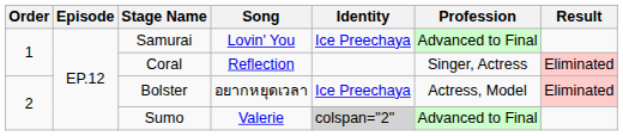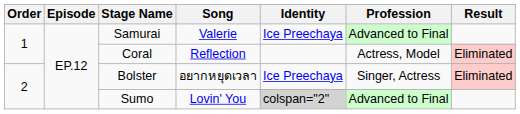 <table class="wikitable">
 <tr>
 <th>Order</th>
 <th>Episode</th>
 <th>Stage Name</th>
 <th>Song</th>
 <th>Identity</th>
 <th>Profession</th>
 <th>Result</th>
 </tr>
 <tr>
 <td rowspan="2" align="center">1</td>
 <td rowspan="4" align="center">EP.12</td>
 <td align="center">Samurai</td>
-<td align="center"><a href='#'>Lovin' You</a></td>
+<td align="center"><a href='#'>Valerie</a></td>
 <td align="center"><a href='#'>Ice Preechaya</a></td>
 <td style="text-align:center; background:#ccffcc;">Advanced to Final</td>
 </tr>
 <tr>
 <td align="center">Coral</td>
 <td align="center"><a href='#'>Reflection</a></td>
 <td align="center"></td>
-<td align="center">Singer, Actress</td>
+<td align="center">Actress, Model</td>
 <td style="text-align:center; background:#ffcccc;">Eliminated</td>
 </tr>
 <tr>
 <td rowspan="2" align="center">2</td>
 <td align="center">Bolster</td>
 <td align="center">อยากหยุดเวลา</td>
 <td align="center"><a href='#'>Ice Preechaya</a></td>
-<td align="center">Actress, Model</td>
+<td align="center">Singer, Actress</td>
 <td style="text-align:center; background:#ffcccc;">Eliminated</td>
 </tr>
 <tr>
 <td align="center">Sumo</td>
-<td align="center"><a href='#'>Valerie</a></td>
+<td align="center"><a href='#'>Lovin' You</a></td>
 <td style="background: lightgrey;">colspan="2"  </td>
 <td style="text-align:center; background:#ccffcc;">Advanced to Final</td>
 </tr>
 </table>
